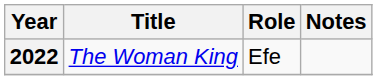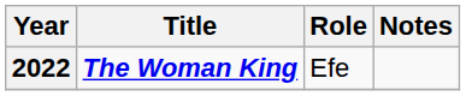 <table class="wikitable plainrowheaders sortable" style="margin-right: 0;">
 <tr>
 <th scope="col">Year</th>
 <th scope="col">Title</th>
 <th scope="col">Role</th>
 <th scope="col" class="unsortable">Notes</th>
 </tr>
 <tr>
 <th scope=row>2022</th>
-<td><em><a href='#'>The Woman King</a></em></td>
+<td><strong><em><a href='#'>The Woman King</a></em></strong></td>
 <td>Efe</td>
 <td></td>
 </tr>
 <tr>
 </tr>
 </table>
